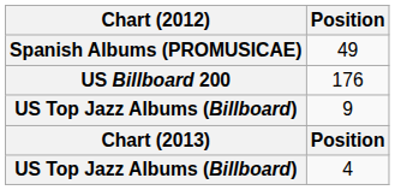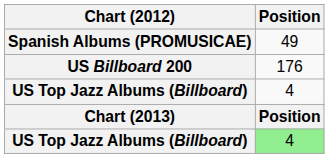 <table class="wikitable plainrowheaders" style="text-align:center">
 <tr>
 <th scope="col">Chart (2012)</th>
 <th scope="col">Position</th>
 </tr>
 <tr>
 <th scope="row">Spanish Albums (PROMUSICAE)</th>
 <td>49</td>
 </tr>
 <tr>
 <th scope="row">US <em>Billboard</em> 200</th>
 <td>176</td>
 </tr>
 <tr>
 <th scope="row">US Top Jazz Albums (<em>Billboard</em>)</th>
-<td>9</td>
+<td>4</td>
 </tr>
 <tr>
 <th scope="col">Chart (2013)</th>
 <th scope="col">Position</th>
 </tr>
 <tr>
 <th scope="row">US Top Jazz Albums (<em>Billboard</em>)</th>
-<td>4</td>
+<td style="background: lightgreen;">4</td>
 </tr>
 </table>
